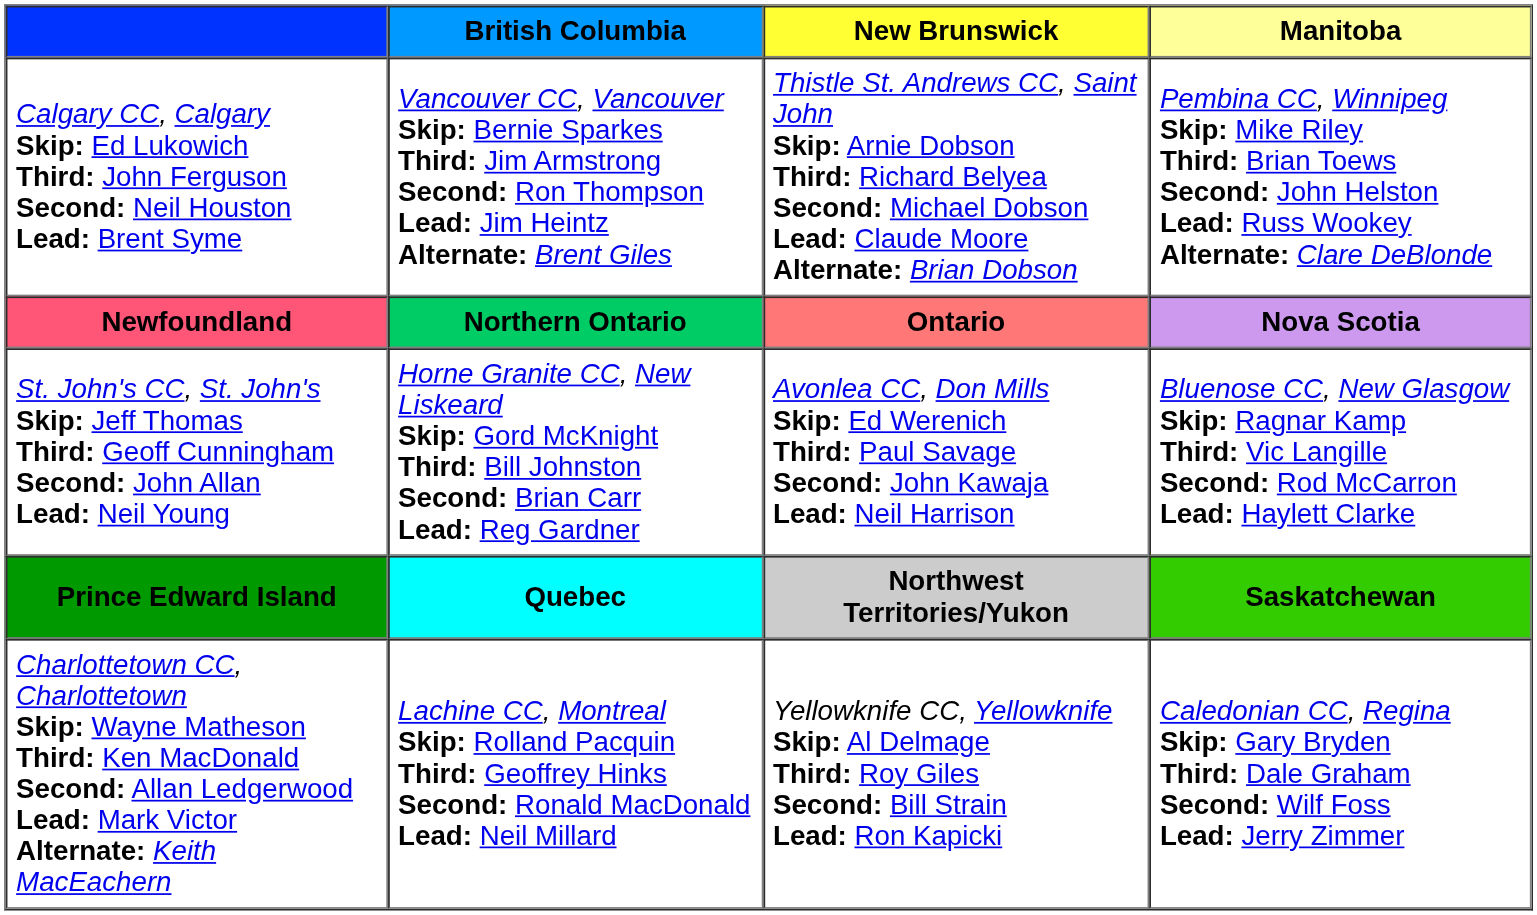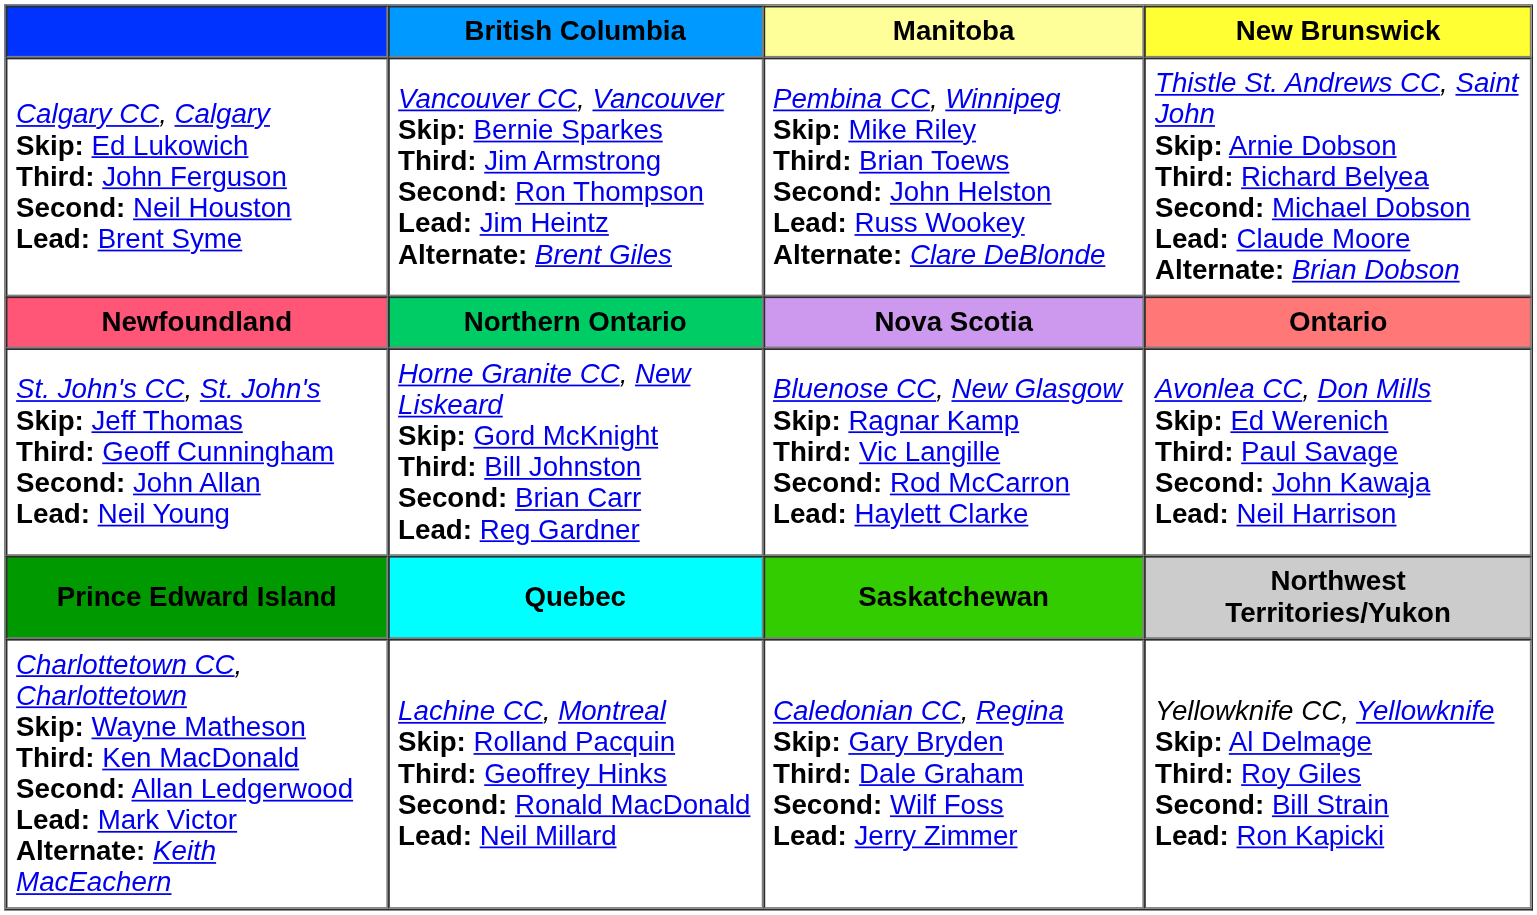 <table border=1 cellpadding=5 cellspacing=0>
 <tr>
 <th style="background:#03f; width:200px;"></th>
 <th style="background:#09f; width:200px;">British Columbia</th>
+<th style="background:#ff9; width:200px;">Manitoba</th>
 <th style="background:#ff3; width:200px;">New Brunswick</th>
-<th style="background:#ff9; width:200px;">Manitoba</th>
 </tr>
 <tr>
 <td><em><a href='#'>Calgary CC</a>, <a href='#'>Calgary</a></em><br><strong>Skip:</strong> <a href='#'>Ed Lukowich</a><br> <strong>Third:</strong> <a href='#'>John Ferguson</a><br> <strong>Second:</strong> <a href='#'>Neil Houston</a><br> <strong>Lead:</strong> <a href='#'>Brent Syme</a></td>
 <td><em><a href='#'>Vancouver CC</a>, <a href='#'>Vancouver</a></em><br><strong>Skip:</strong> <a href='#'>Bernie Sparkes</a><br> <strong>Third:</strong> <a href='#'>Jim Armstrong</a><br> <strong>Second:</strong> <a href='#'>Ron Thompson</a><br> <strong>Lead:</strong> <a href='#'>Jim Heintz</a><br> <strong>Alternate:</strong> <em><a href='#'>Brent Giles</a></em></td>
+<td><em><a href='#'>Pembina CC</a>, <a href='#'>Winnipeg</a></em><br><strong>Skip:</strong> <a href='#'>Mike Riley</a><br> <strong>Third:</strong> <a href='#'>Brian Toews</a><br> <strong>Second:</strong> <a href='#'>John Helston</a><br> <strong>Lead:</strong> <a href='#'>Russ Wookey</a><br> <strong>Alternate:</strong> <em><a href='#'>Clare DeBlonde</a></em></td>
 <td><em><a href='#'>Thistle St. Andrews CC</a>, <a href='#'>Saint John</a></em><br><strong>Skip:</strong> <a href='#'>Arnie Dobson</a><br> <strong>Third:</strong> <a href='#'>Richard Belyea</a><br> <strong>Second:</strong> <a href='#'>Michael Dobson</a><br> <strong>Lead:</strong> <a href='#'>Claude Moore</a><br> <strong>Alternate:</strong> <em><a href='#'>Brian Dobson</a></em></td>
-<td><em><a href='#'>Pembina CC</a>, <a href='#'>Winnipeg</a></em><br><strong>Skip:</strong> <a href='#'>Mike Riley</a><br> <strong>Third:</strong> <a href='#'>Brian Toews</a><br> <strong>Second:</strong> <a href='#'>John Helston</a><br> <strong>Lead:</strong> <a href='#'>Russ Wookey</a><br> <strong>Alternate:</strong> <em><a href='#'>Clare DeBlonde</a></em></td>
 </tr>
 <tr>
 <th style="background:#f57; width:200px;">Newfoundland</th>
 <th style="background:#0c6; width:200px;">Northern Ontario</th>
+<th style="background:#c9e; width:200px;">Nova Scotia</th>
 <th style="background:#f77; width:200px;">Ontario</th>
-<th style="background:#c9e; width:200px;">Nova Scotia</th>
 </tr>
 <tr>
 <td><em><a href='#'>St. John's CC</a>, <a href='#'>St. John's</a></em><br><strong>Skip:</strong> <a href='#'>Jeff Thomas</a><br> <strong>Third:</strong> <a href='#'>Geoff Cunningham</a><br> <strong>Second:</strong> <a href='#'>John Allan</a><br> <strong>Lead:</strong> <a href='#'>Neil Young</a></td>
 <td><em><a href='#'>Horne Granite CC</a>, <a href='#'>New Liskeard</a></em><br><strong>Skip:</strong> <a href='#'>Gord McKnight</a><br> <strong>Third:</strong> <a href='#'>Bill Johnston</a><br> <strong>Second:</strong> <a href='#'>Brian Carr</a><br> <strong>Lead:</strong> <a href='#'>Reg Gardner</a></td>
+<td><em><a href='#'>Bluenose CC</a>, <a href='#'>New Glasgow</a></em><br><strong>Skip:</strong> <a href='#'>Ragnar Kamp</a><br> <strong>Third:</strong> <a href='#'>Vic Langille</a><br> <strong>Second:</strong> <a href='#'>Rod McCarron</a><br> <strong>Lead:</strong> <a href='#'>Haylett Clarke</a></td>
 <td><em><a href='#'>Avonlea CC</a>, <a href='#'>Don Mills</a></em><br><strong>Skip:</strong> <a href='#'>Ed Werenich</a><br> <strong>Third:</strong> <a href='#'>Paul Savage</a><br> <strong>Second:</strong> <a href='#'>John Kawaja</a><br> <strong>Lead:</strong> <a href='#'>Neil Harrison</a></td>
-<td><em><a href='#'>Bluenose CC</a>, <a href='#'>New Glasgow</a></em><br><strong>Skip:</strong> <a href='#'>Ragnar Kamp</a><br> <strong>Third:</strong> <a href='#'>Vic Langille</a><br> <strong>Second:</strong> <a href='#'>Rod McCarron</a><br> <strong>Lead:</strong> <a href='#'>Haylett Clarke</a></td>
 </tr>
 <tr>
 <th style="background:#090; width:225px;">Prince Edward Island</th>
 <th style="background:#0ff; width:225px;">Quebec</th>
+<th style="background:#3c0; width:225px;">Saskatchewan</th>
 <th style="background:#ccc; width:225px;">Northwest Territories/Yukon</th>
-<th style="background:#3c0; width:225px;">Saskatchewan</th>
 </tr>
 <tr>
 <td><em><a href='#'>Charlottetown CC</a>, <a href='#'>Charlottetown</a></em><br><strong>Skip:</strong> <a href='#'>Wayne Matheson</a><br> <strong>Third:</strong> <a href='#'>Ken MacDonald</a><br> <strong>Second:</strong> <a href='#'>Allan Ledgerwood</a><br> <strong>Lead:</strong> <a href='#'>Mark Victor</a><br> <strong>Alternate:</strong> <em><a href='#'>Keith MacEachern</a></em></td>
 <td><em><a href='#'>Lachine CC</a>, <a href='#'>Montreal</a></em><br><strong>Skip:</strong> <a href='#'>Rolland Pacquin</a><br> <strong>Third:</strong> <a href='#'>Geoffrey Hinks</a><br> <strong>Second:</strong> <a href='#'>Ronald MacDonald</a><br> <strong>Lead:</strong> <a href='#'>Neil Millard</a></td>
+<td><em><a href='#'>Caledonian CC</a>, <a href='#'>Regina</a></em><br><strong>Skip:</strong> <a href='#'>Gary Bryden</a><br> <strong>Third:</strong> <a href='#'>Dale Graham</a><br> <strong>Second:</strong> <a href='#'>Wilf Foss</a><br> <strong>Lead:</strong> <a href='#'>Jerry Zimmer</a></td>
 <td><em>Yellowknife CC, <a href='#'>Yellowknife</a></em><br><strong>Skip:</strong> <a href='#'>Al Delmage</a><br> <strong>Third:</strong> <a href='#'>Roy Giles</a><br> <strong>Second:</strong> <a href='#'>Bill Strain</a><br> <strong>Lead:</strong> <a href='#'>Ron Kapicki</a></td>
-<td><em><a href='#'>Caledonian CC</a>, <a href='#'>Regina</a></em><br><strong>Skip:</strong> <a href='#'>Gary Bryden</a><br> <strong>Third:</strong> <a href='#'>Dale Graham</a><br> <strong>Second:</strong> <a href='#'>Wilf Foss</a><br> <strong>Lead:</strong> <a href='#'>Jerry Zimmer</a></td>
 </tr>
 </table>
